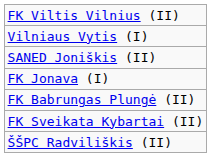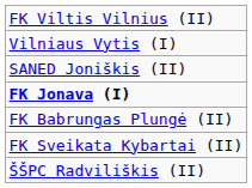 <table class="wikitable">
 <tr>
 <td><a href='#'>FK Viltis Vilnius</a> (II)</td>
 </tr>
 <tr>
 <td><a href='#'>Vilniaus Vytis</a> (I)</td>
 </tr>
 <tr>
 <td><a href='#'>SANED Joniškis</a> (II)</td>
 </tr>
 <tr>
-<td><a href='#'>FK Jonava</a> (I)</td>
+<td><strong><a href='#'>FK Jonava</a> (I)</strong></td>
 </tr>
 <tr>
 <td><a href='#'>FK Babrungas Plungė</a> (II)</td>
 </tr>
 <tr>
 <td><a href='#'>FK Sveikata Kybartai</a> (II)</td>
 </tr>
 <tr>
 <td><a href='#'>ŠŠPC Radviliškis</a> (II)</td>
 </tr>
 </table>
